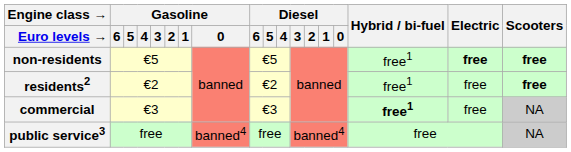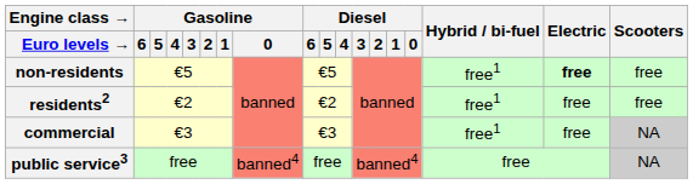 <table class="wikitable" style="text-align:center">
 <tr>
 <th scope="col" style="text-align:right">Engine class →</th>
 <th scope="col" colspan=7>Gasoline</th>
 <th scope="col" colspan=7>Diesel</th>
 <th scope="col" rowspan=2>Hybrid / bi-fuel</th>
 <th scope="col" rowspan=2>Electric</th>
 <th scope="col" rowspan=2>Scooters</th>
 </tr>
 <tr>
 <th scope="row" style="text-align:right"><a href='#'>Euro levels</a> →</th>
 <th scope="col">6</th>
 <th scope="col">5</th>
 <th scope="col">4</th>
 <th scope="col">3</th>
 <th scope="col">2</th>
 <th scope="col">1</th>
 <th scope="col">0</th>
 <th scope="col">6</th>
 <th scope="col">5</th>
 <th scope="col">4</th>
 <th scope="col">3</th>
 <th scope="col">2</th>
 <th scope="col">1</th>
 <th scope="col">0</th>
 </tr>
 <tr>
 <th scope="row">non-residents</th>
 <td style="background:#ffffcc" colspan=6>€5</td>
 <td style="background:salmon" rowspan=3>banned</td>
 <td style="background:#ffffcc" colspan=3>€5</td>
 <td style="background:salmon" colspan=4 rowspan=3>banned</td>
 <td style="background:#ccffcc">free<sup>1</sup></td>
 <td style="background:#ccffcc"><strong>free</strong></td>
-<td style="background:#ccffcc"><strong>free</strong></td>
+<td style="background:#ccffcc">free</td>
 </tr>
 <tr>
 <th scope="row">residents<sup>2</sup></th>
 <td style="background:#ffffcc" colspan=6>€2</td>
 <td style="background:#ffffcc" colspan=3>€2</td>
 <td style="background:#ccffcc">free<sup>1</sup></td>
 <td style="background:#ccffcc">free</td>
-<td style="background:#ccffcc"><strong>free</strong></td>
+<td style="background:#ccffcc">free</td>
 </tr>
 <tr>
 <th scope="row">commercial</th>
 <td style="background:#ffffcc" colspan=6>€3</td>
 <td style="background:#ffffcc" colspan=3>€3</td>
-<td style="background:#ccffcc"><strong>free<sup>1</sup></strong></td>
+<td style="background:#ccffcc">free<sup>1</sup></td>
 <td style="background:#ccffcc">free</td>
 <td style="background:#cccccc">NA</td>
 </tr>
 <tr>
 <th scope="row">public service<sup>3</sup></th>
 <td style="background:#ccffcc" colspan=6>free</td>
 <td style="background:salmon">banned<sup>4</sup></td>
 <td style="background:#ccffcc" colspan=3>free</td>
 <td style="background:salmon" colspan=4>banned<sup>4</sup></td>
 <td style="background:#ccffcc" colspan=2>free</td>
 <td style="background:#cccccc">NA</td>
 </tr>
 </table>
